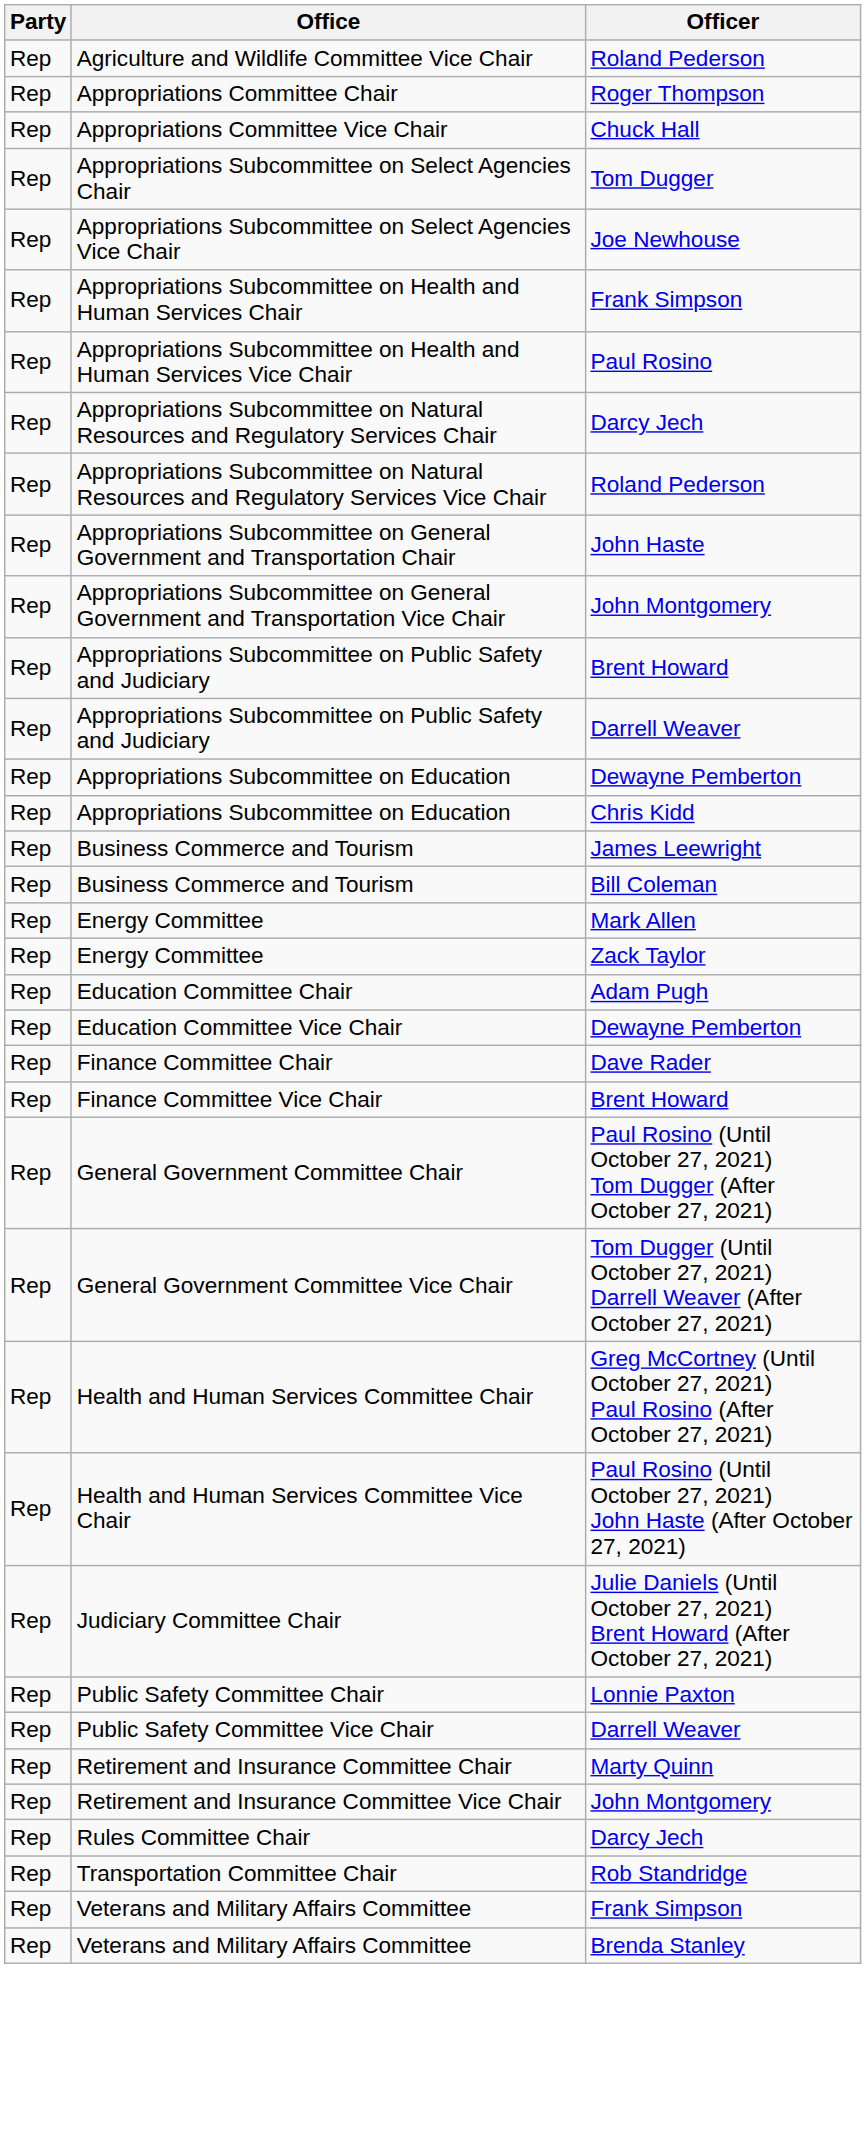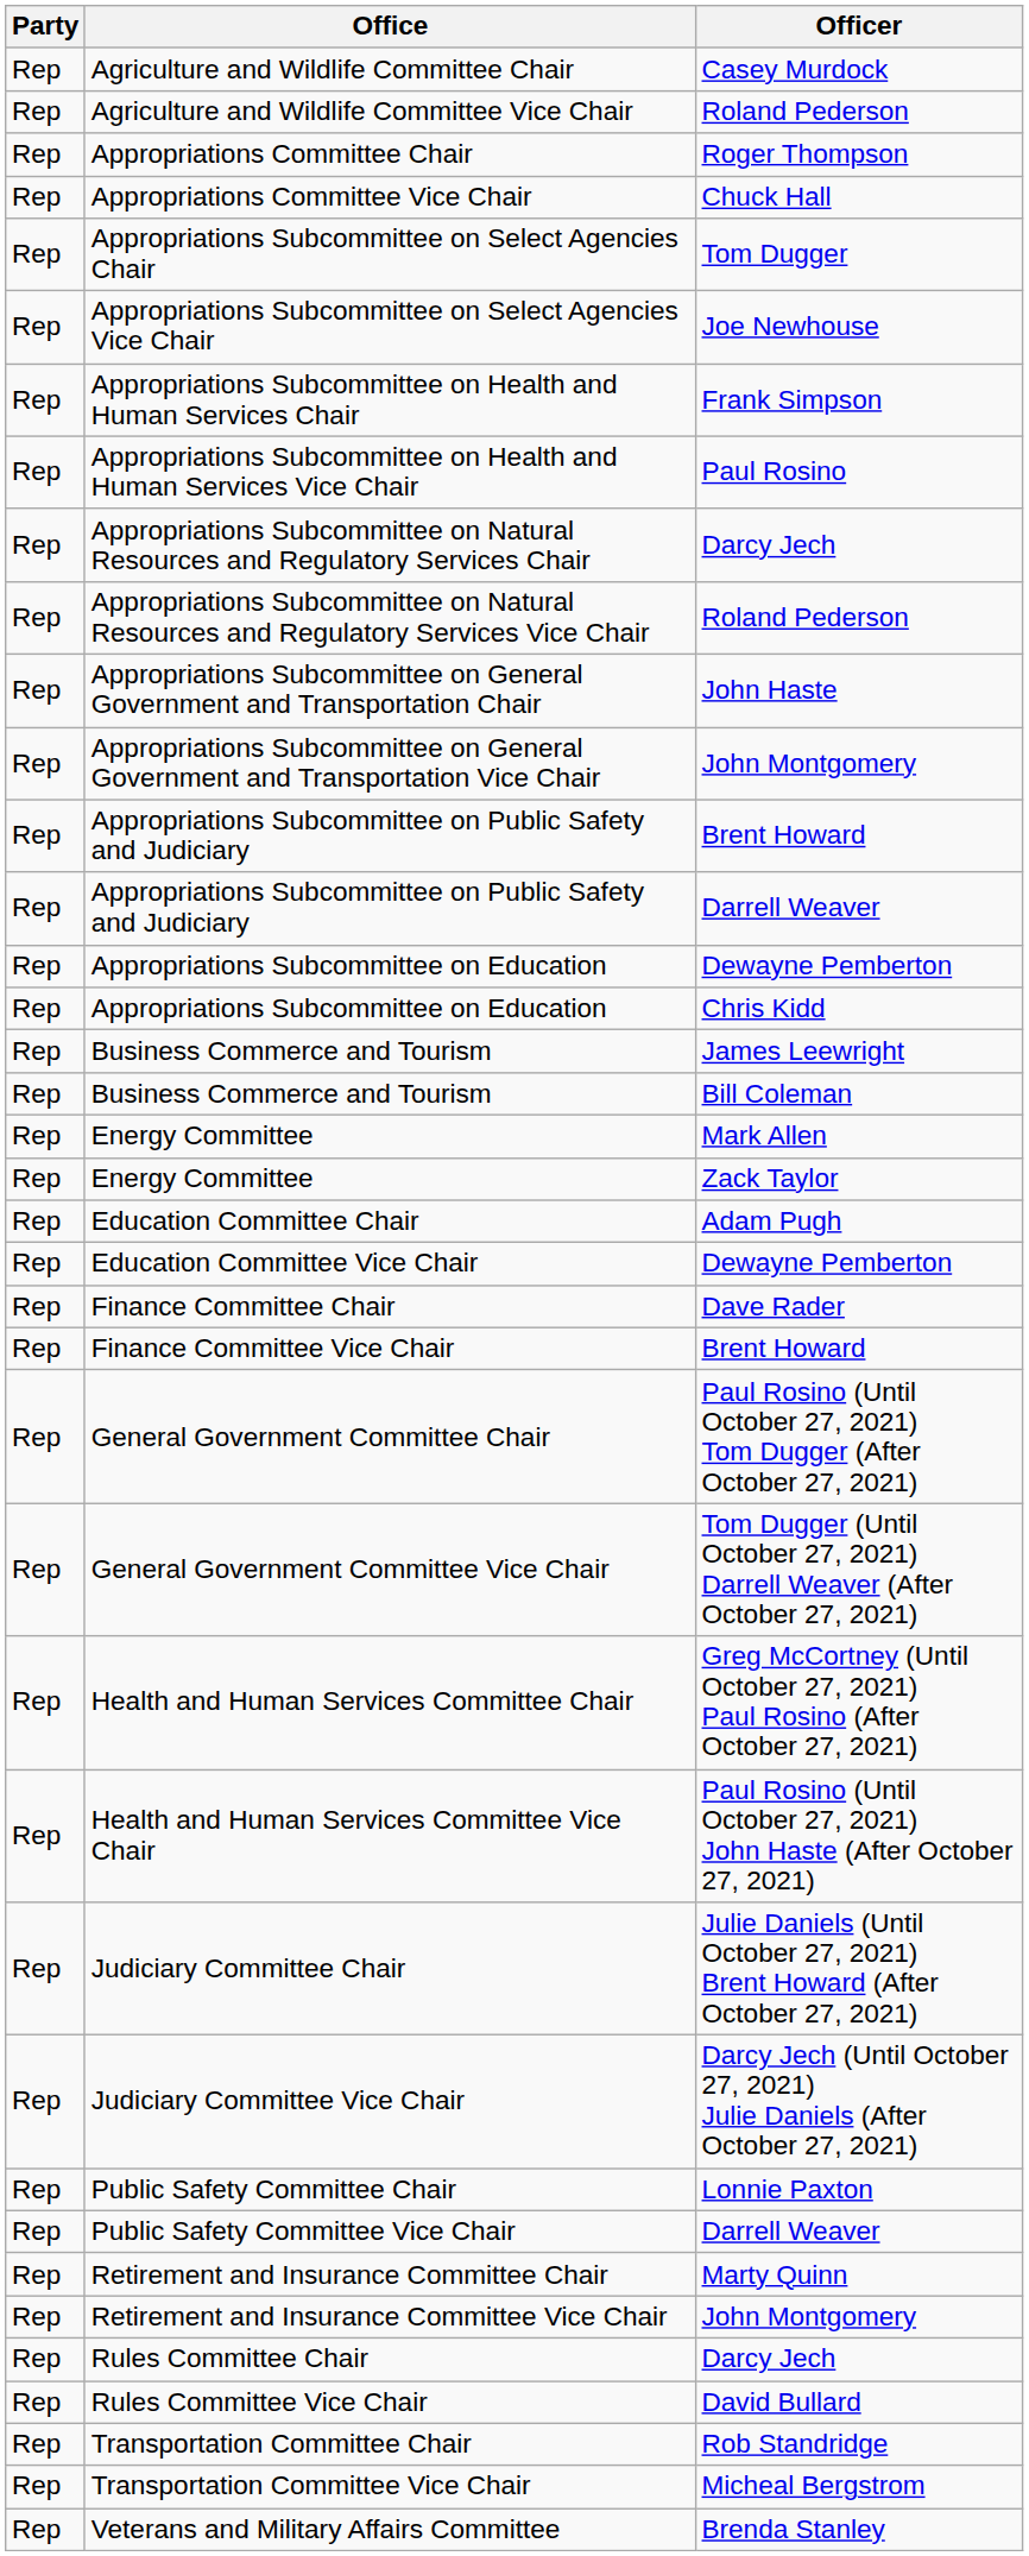 <table class=wikitable>
 <tr>
 <th>Party</th>
 <th>Office</th>
 <th>Officer</th>
+</tr>
+<tr>
+<td style="background: ">Rep</td>
+<td>Agriculture and Wildlife Committee Chair</td>
+<td><a href='#'>Casey Murdock</a></td>
 </tr>
 <tr>
 <td style="background: ">Rep</td>
 <td>Agriculture and Wildlife Committee Vice Chair</td>
 <td><a href='#'>Roland Pederson</a></td>
 </tr>
 <tr>
 <td style="background: ">Rep</td>
 <td>Appropriations Committee Chair</td>
 <td><a href='#'>Roger Thompson</a></td>
 </tr>
 <tr>
 <td style="background: ">Rep</td>
 <td>Appropriations Committee Vice Chair</td>
 <td><a href='#'>Chuck Hall</a></td>
 </tr>
 <tr>
 <td style="background: ">Rep</td>
 <td>Appropriations Subcommittee on Select Agencies Chair</td>
 <td><a href='#'>Tom Dugger</a></td>
 </tr>
 <tr>
 <td style="background: ">Rep</td>
 <td>Appropriations Subcommittee on Select Agencies Vice Chair</td>
 <td><a href='#'>Joe Newhouse</a></td>
 </tr>
 <tr>
 <td style="background: ">Rep</td>
 <td>Appropriations Subcommittee on Health and Human Services Chair</td>
 <td><a href='#'>Frank Simpson</a></td>
 </tr>
 <tr>
 <td style="background: ">Rep</td>
 <td>Appropriations Subcommittee on Health and Human Services Vice Chair</td>
 <td><a href='#'>Paul Rosino</a></td>
 </tr>
 <tr>
 <td style="background: ">Rep</td>
 <td>Appropriations Subcommittee on Natural Resources and Regulatory Services Chair</td>
 <td><a href='#'>Darcy Jech</a></td>
 </tr>
 <tr>
 <td style="background: ">Rep</td>
 <td>Appropriations Subcommittee on Natural Resources and Regulatory Services Vice Chair</td>
 <td><a href='#'>Roland Pederson</a></td>
 </tr>
 <tr>
 <td style="background: ">Rep</td>
 <td>Appropriations Subcommittee on General Government and Transportation Chair</td>
 <td><a href='#'>John Haste</a></td>
 </tr>
 <tr>
 <td style="background: ">Rep</td>
 <td>Appropriations Subcommittee on General Government and Transportation Vice Chair</td>
 <td><a href='#'>John Montgomery</a></td>
 </tr>
 <tr>
 <td style="background: ">Rep</td>
 <td>Appropriations Subcommittee on Public Safety and Judiciary</td>
 <td><a href='#'>Brent Howard</a></td>
 </tr>
 <tr>
 <td style="background: ">Rep</td>
 <td>Appropriations Subcommittee on Public Safety and Judiciary</td>
 <td><a href='#'>Darrell Weaver</a></td>
 </tr>
 <tr>
 <td style="background: ">Rep</td>
 <td>Appropriations Subcommittee on Education</td>
 <td><a href='#'>Dewayne Pemberton</a></td>
 </tr>
 <tr>
 <td style="background: ">Rep</td>
 <td>Appropriations Subcommittee on Education</td>
 <td><a href='#'>Chris Kidd</a></td>
 </tr>
 <tr>
 <td style="background: ">Rep</td>
 <td>Business Commerce and Tourism</td>
 <td><a href='#'>James Leewright</a></td>
 </tr>
 <tr>
 <td style="background: ">Rep</td>
 <td>Business Commerce and Tourism</td>
 <td><a href='#'>Bill Coleman</a></td>
 </tr>
 <tr>
 <td style="background: ">Rep</td>
 <td>Energy Committee</td>
 <td><a href='#'>Mark Allen</a></td>
 </tr>
 <tr>
 <td style="background: ">Rep</td>
 <td>Energy Committee</td>
 <td><a href='#'>Zack Taylor</a></td>
 </tr>
 <tr>
 <td style="background: ">Rep</td>
 <td>Education Committee Chair</td>
 <td><a href='#'>Adam Pugh</a></td>
 </tr>
 <tr>
 <td style="background: ">Rep</td>
 <td>Education Committee Vice Chair</td>
 <td><a href='#'>Dewayne Pemberton</a></td>
 </tr>
 <tr>
 <td style="background: ">Rep</td>
 <td>Finance Committee Chair</td>
 <td><a href='#'>Dave Rader</a></td>
 </tr>
 <tr>
 <td style="background: ">Rep</td>
 <td>Finance Committee Vice Chair</td>
 <td><a href='#'>Brent Howard</a></td>
 </tr>
 <tr>
 <td style="background: ">Rep</td>
 <td>General Government Committee Chair</td>
 <td><a href='#'>Paul Rosino</a> (Until October 27, 2021)<br><a href='#'>Tom Dugger</a> (After October 27, 2021)</td>
 </tr>
 <tr>
 <td style="background: ">Rep</td>
 <td>General Government Committee Vice Chair</td>
 <td><a href='#'>Tom Dugger</a> (Until October 27, 2021)<br><a href='#'>Darrell Weaver</a> (After October 27, 2021)</td>
 </tr>
 <tr>
 <td style="background: ">Rep</td>
 <td>Health and Human Services Committee Chair</td>
 <td><a href='#'>Greg McCortney</a> (Until October 27, 2021)<br><a href='#'>Paul Rosino</a> (After October 27, 2021)</td>
 </tr>
 <tr>
 <td style="background: ">Rep</td>
 <td>Health and Human Services Committee Vice Chair</td>
 <td><a href='#'>Paul Rosino</a> (Until October 27, 2021)<br><a href='#'>John Haste</a> (After October 27, 2021)</td>
 </tr>
 <tr>
 <td style="background: ">Rep</td>
 <td>Judiciary Committee Chair</td>
 <td><a href='#'>Julie Daniels</a> (Until October 27, 2021)<br><a href='#'>Brent Howard</a> (After October 27, 2021)</td>
 </tr>
 <tr>
 <td style="background: ">Rep</td>
+<td>Judiciary Committee Vice Chair</td>
+<td><a href='#'>Darcy Jech</a> (Until October 27, 2021)<br><a href='#'>Julie Daniels</a> (After October 27, 2021)</td>
+</tr>
+<tr>
+<td style="background: ">Rep</td>
 <td>Public Safety Committee Chair</td>
 <td><a href='#'>Lonnie Paxton</a></td>
 </tr>
 <tr>
 <td style="background: ">Rep</td>
 <td>Public Safety Committee Vice Chair</td>
 <td><a href='#'>Darrell Weaver</a></td>
 </tr>
 <tr>
 <td style="background: ">Rep</td>
 <td>Retirement and Insurance Committee Chair</td>
 <td><a href='#'>Marty Quinn</a></td>
 </tr>
 <tr>
 <td style="background: ">Rep</td>
 <td>Retirement and Insurance Committee Vice Chair</td>
 <td><a href='#'>John Montgomery</a></td>
 </tr>
 <tr>
 <td style="background: ">Rep</td>
 <td>Rules Committee Chair</td>
 <td><a href='#'>Darcy Jech</a></td>
 </tr>
 <tr>
 <td style="background: ">Rep</td>
+<td>Rules Committee Vice Chair</td>
+<td><a href='#'>David Bullard</a></td>
+</tr>
+<tr>
+<td style="background: ">Rep</td>
 <td>Transportation Committee Chair</td>
 <td><a href='#'>Rob Standridge</a></td>
 </tr>
 <tr>
 <td style="background: ">Rep</td>
-<td>Veterans and Military Affairs Committee</td>
-<td><a href='#'>Frank Simpson</a></td>
+<td>Transportation Committee Vice Chair</td>
+<td><a href='#'>Micheal Bergstrom</a></td>
 </tr>
 <tr>
 <td style="background: ">Rep</td>
 <td>Veterans and Military Affairs Committee</td>
 <td><a href='#'>Brenda Stanley</a></td>
 </tr>
 </table>
